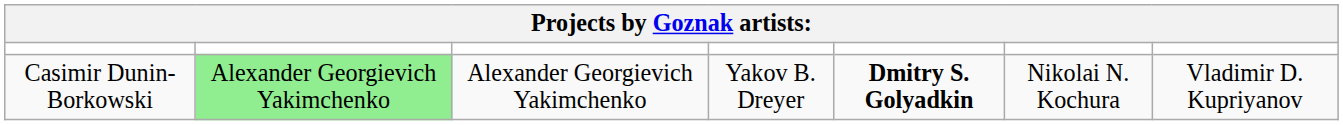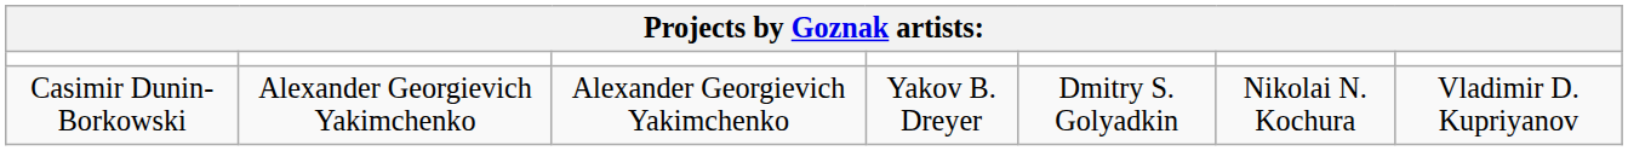 <table class="wikitable" style="margin:0.3em auto">
 <tr>
 <th class="hintergrundfarbe8" colspan="7">Projects by <a href='#'>Goznak</a> artists:</th>
 </tr>
 <tr align="center" bgcolor="#FFFFFF">
 <td></td>
 <td></td>
 <td></td>
 <td></td>
 <td></td>
 <td></td>
 <td></td>
 </tr>
 <tr class="hintergrundfarbe8" align="center">
 <td>Casimir Dunin-Borkowski</td>
-<td style="background: lightgreen;">Alexander Georgievich Yakimchenko</td>
+<td>Alexander Georgievich Yakimchenko</td>
 <td>Alexander Georgievich Yakimchenko</td>
 <td>Yakov B. Dreyer</td>
-<td><strong>Dmitry S. Golyadkin</strong></td>
+<td>Dmitry S. Golyadkin</td>
 <td>Nikolai N. Kochura</td>
 <td>Vladimir D. Kupriyanov</td>
 </tr>
 </table>
